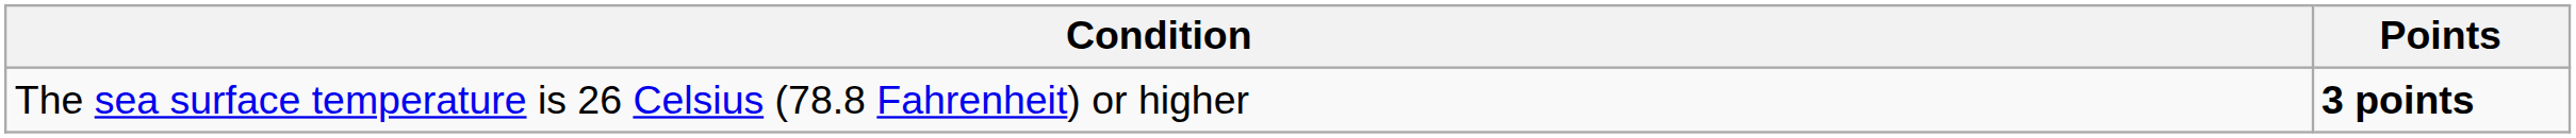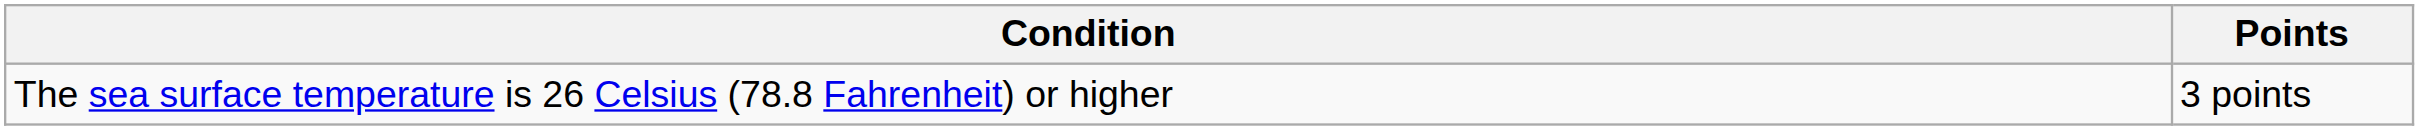 <table class="wikitable" width="65%">
 <tr>
 <th width="90%">Condition</th>
 <th width="10%">Points</th>
 </tr>
 <tr>
 <td>The <a href='#'>sea surface temperature</a> is 26 <a href='#'>Celsius</a> (78.8 <a href='#'>Fahrenheit</a>) or higher</td>
-<td><strong><div>3 points</div></strong></td>
+<td><div>3 points</div></td>
 </tr>
 </table>
